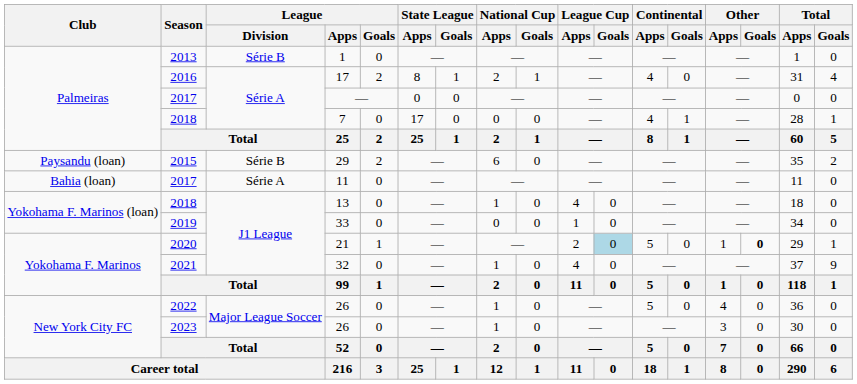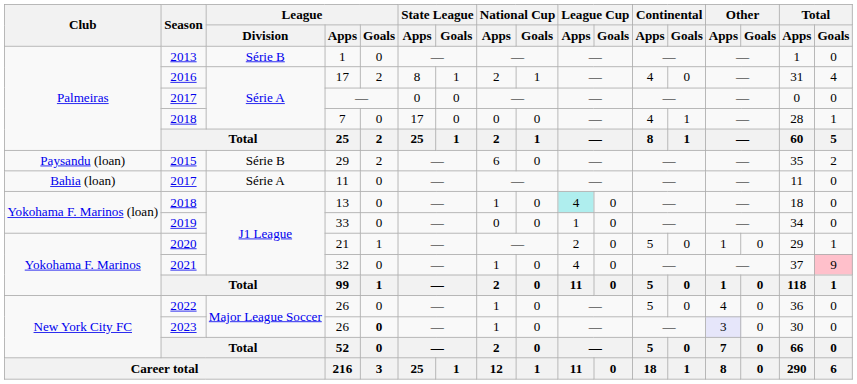 <table class="wikitable" style="text-align:center">
 <tr>
 <th rowspan="2">Club</th>
 <th rowspan="2">Season</th>
 <th colspan="3">League</th>
 <th colspan="2">State League</th>
 <th colspan="2">National Cup</th>
 <th colspan="2">League Cup</th>
 <th colspan="2">Continental</th>
 <th colspan="2">Other</th>
 <th colspan="2">Total</th>
 </tr>
 <tr>
 <th>Division</th>
 <th>Apps</th>
 <th>Goals</th>
 <th>Apps</th>
 <th>Goals</th>
 <th>Apps</th>
 <th>Goals</th>
 <th>Apps</th>
 <th>Goals</th>
 <th>Apps</th>
 <th>Goals</th>
 <th>Apps</th>
 <th>Goals</th>
 <th>Apps</th>
 <th>Goals</th>
 </tr>
 <tr>
 <td rowspan="5"><a href='#'>Palmeiras</a></td>
 <td><a href='#'>2013</a></td>
 <td><a href='#'>Série B</a></td>
 <td>1</td>
 <td>0</td>
 <td colspan="2">—</td>
 <td colspan="2">—</td>
 <td colspan="2">—</td>
 <td colspan="2">—</td>
 <td colspan="2">—</td>
 <td>1</td>
 <td>0</td>
 </tr>
 <tr>
 <td><a href='#'>2016</a></td>
 <td rowspan="3"><a href='#'>Série A</a></td>
 <td>17</td>
 <td>2</td>
 <td>8</td>
 <td>1</td>
 <td>2</td>
 <td>1</td>
 <td colspan="2">—</td>
 <td>4</td>
 <td>0</td>
 <td colspan="2">—</td>
 <td>31</td>
 <td>4</td>
 </tr>
 <tr>
 <td><a href='#'>2017</a></td>
 <td colspan="2">—</td>
 <td>0</td>
 <td>0</td>
 <td colspan="2">—</td>
 <td colspan="2">—</td>
 <td colspan="2">—</td>
 <td colspan="2">—</td>
 <td>0</td>
 <td>0</td>
 </tr>
 <tr>
 <td><a href='#'>2018</a></td>
 <td>7</td>
 <td>0</td>
 <td>17</td>
 <td>0</td>
 <td>0</td>
 <td>0</td>
 <td colspan="2">—</td>
 <td>4</td>
 <td>1</td>
 <td colspan="2">—</td>
 <td>28</td>
 <td>1</td>
 </tr>
 <tr>
 <th colspan="2">Total</th>
 <th>25</th>
 <th>2</th>
 <th>25</th>
 <th>1</th>
 <th>2</th>
 <th>1</th>
 <th colspan="2">—</th>
 <th>8</th>
 <th>1</th>
 <th colspan="2">—</th>
 <th>60</th>
 <th>5</th>
 </tr>
 <tr>
 <td><a href='#'>Paysandu</a> (loan)</td>
 <td><a href='#'>2015</a></td>
 <td>Série B</td>
 <td>29</td>
 <td>2</td>
 <td colspan="2">—</td>
 <td>6</td>
 <td>0</td>
 <td colspan="2">—</td>
 <td colspan="2">—</td>
 <td colspan="2">—</td>
 <td>35</td>
 <td>2</td>
 </tr>
 <tr>
 <td><a href='#'>Bahia</a> (loan)</td>
 <td><a href='#'>2017</a></td>
 <td>Série A</td>
 <td>11</td>
 <td>0</td>
 <td colspan="2">—</td>
 <td colspan="2">—</td>
 <td colspan="2">—</td>
 <td colspan="2">—</td>
 <td colspan="2">—</td>
 <td>11</td>
 <td>0</td>
 </tr>
 <tr>
 <td rowspan="2"><a href='#'>Yokohama F. Marinos</a> (loan)</td>
 <td><a href='#'>2018</a></td>
 <td rowspan="4"><a href='#'>J1 League</a></td>
 <td>13</td>
 <td>0</td>
 <td colspan="2">—</td>
 <td>1</td>
 <td>0</td>
-<td>4</td>
+<td style="background: paleturquoise;">4</td>
 <td>0</td>
 <td colspan="2">—</td>
 <td colspan="2">—</td>
 <td>18</td>
 <td>0</td>
 </tr>
 <tr>
 <td><a href='#'>2019</a></td>
 <td>33</td>
 <td>0</td>
 <td colspan="2">—</td>
 <td>0</td>
 <td>0</td>
 <td>1</td>
 <td>0</td>
 <td colspan="2">—</td>
 <td colspan="2">—</td>
 <td>34</td>
 <td>0</td>
 </tr>
 <tr>
 <td rowspan="3"><a href='#'>Yokohama F. Marinos</a></td>
 <td><a href='#'>2020</a></td>
 <td>21</td>
 <td>1</td>
 <td colspan="2">—</td>
 <td colspan="2">—</td>
 <td>2</td>
-<td style="background: lightblue;">0</td>
+<td>0</td>
 <td>5</td>
 <td>0</td>
 <td>1</td>
-<td><strong>0</strong></td>
+<td>0</td>
 <td>29</td>
 <td>1</td>
 </tr>
 <tr>
 <td><a href='#'>2021</a></td>
 <td>32</td>
 <td>0</td>
 <td colspan="2">—</td>
 <td>1</td>
 <td>0</td>
 <td>4</td>
 <td>0</td>
 <td colspan="2">—</td>
 <td colspan="2">—</td>
 <td>37</td>
-<td>9</td>
+<td style="background: pink;">9</td>
 </tr>
 <tr>
 <th colspan="2">Total</th>
 <th>99</th>
 <th>1</th>
 <th colspan="2">—</th>
 <th>2</th>
 <th>0</th>
 <th>11</th>
 <th>0</th>
 <th>5</th>
 <th>0</th>
 <th>1</th>
 <th>0</th>
 <th>118</th>
 <th>1</th>
 </tr>
 <tr>
 <td rowspan="3"><a href='#'>New York City FC</a></td>
 <td><a href='#'>2022</a></td>
 <td rowspan="2"><a href='#'>Major League Soccer</a></td>
 <td>26</td>
 <td>0</td>
 <td colspan="2">—</td>
 <td>1</td>
 <td>0</td>
 <td colspan="2">—</td>
 <td>5</td>
 <td>0</td>
 <td>4</td>
 <td>0</td>
 <td>36</td>
 <td>0</td>
 </tr>
 <tr>
 <td><a href='#'>2023</a></td>
 <td>26</td>
-<td>0</td>
+<td><strong>0</strong></td>
 <td colspan="2">—</td>
 <td>1</td>
 <td>0</td>
 <td colspan="2">—</td>
 <td colspan="2">—</td>
-<td>3</td>
+<td style="background: lavender;">3</td>
 <td>0</td>
 <td>30</td>
 <td>0</td>
 </tr>
 <tr>
 <th colspan="2">Total</th>
 <th>52</th>
 <th>0</th>
 <th colspan="2">—</th>
 <th>2</th>
 <th>0</th>
 <th colspan="2">—</th>
 <th>5</th>
 <th>0</th>
 <th>7</th>
 <th>0</th>
 <th>66</th>
 <th>0</th>
 </tr>
 <tr>
 <th colspan="3">Career total</th>
 <th>216</th>
 <th>3</th>
 <th>25</th>
 <th>1</th>
 <th>12</th>
 <th>1</th>
 <th>11</th>
 <th>0</th>
 <th>18</th>
 <th>1</th>
 <th>8</th>
 <th>0</th>
 <th>290</th>
 <th>6</th>
 </tr>
 </table>
